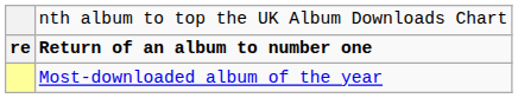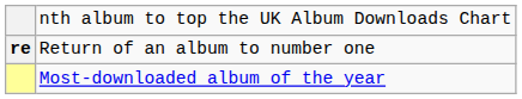 <table class="wikitable plainrowheaders" style="font-size:90%;">
 <tr>
 <th scope=col></th>
 <td>nth album to top the UK Album Downloads Chart</td>
 </tr>
 <tr>
 <th scope=row style="text-align:center;">re</th>
-<td><strong>Return of an album to number one</strong></td>
+<td>Return of an album to number one</td>
 </tr>
 <tr>
 <td bgcolor=#FFFF99 align=center></td>
 <td><a href='#'>Most-downloaded album of the year</a><br></td>
 </tr>
 </table>
